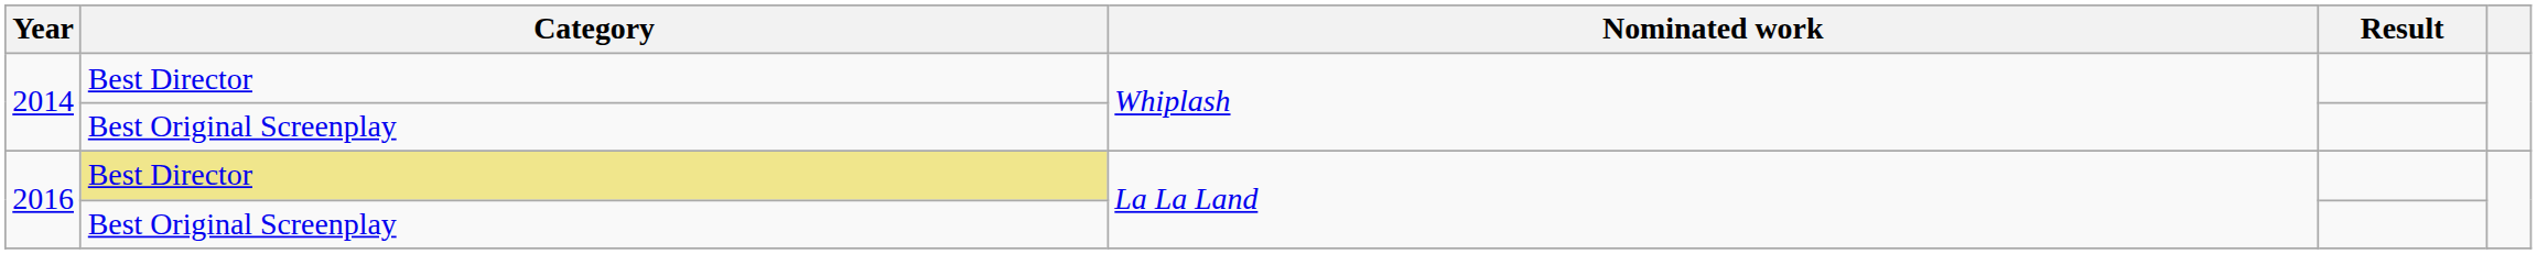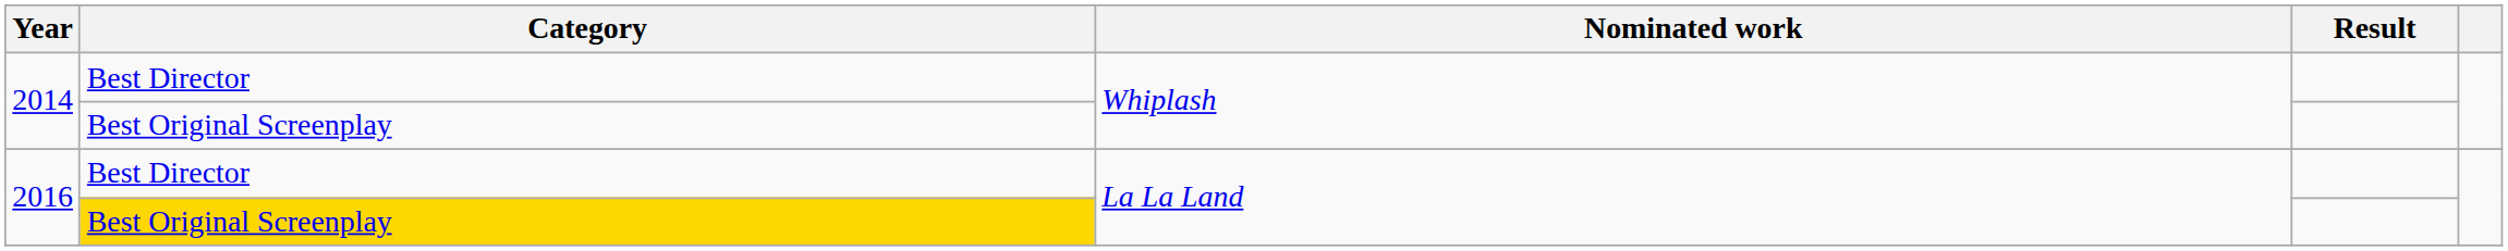 <table class=wikitable>
 <tr>
 <th scope="col" style="width:1em;">Year</th>
 <th scope="col" style="width:33em;">Category</th>
 <th scope="col" style="width:39em;">Nominated work</th>
 <th scope="col" style="width:5em;">Result</th>
 <th scope="col" style="width:1em;"></th>
 </tr>
 <tr>
 <td rowspan="2"><a href='#'>2014</a></td>
 <td><a href='#'>Best Director</a></td>
 <td rowspan="2"><em><a href='#'>Whiplash</a></em></td>
 <td></td>
 <td rowspan="2"></td>
 </tr>
 <tr>
 <td><a href='#'>Best Original Screenplay</a></td>
 <td></td>
 </tr>
 <tr>
 <td rowspan="2"><a href='#'>2016</a></td>
-<td style="background: khaki;"><a href='#'>Best Director</a></td>
+<td><a href='#'>Best Director</a></td>
 <td rowspan="2"><em><a href='#'>La La Land</a></em></td>
 <td></td>
 <td rowspan="2"></td>
 </tr>
 <tr>
-<td><a href='#'>Best Original Screenplay</a></td>
+<td style="background: gold;"><a href='#'>Best Original Screenplay</a></td>
 <td></td>
 </tr>
 </table>
